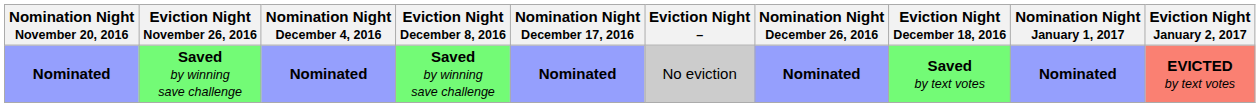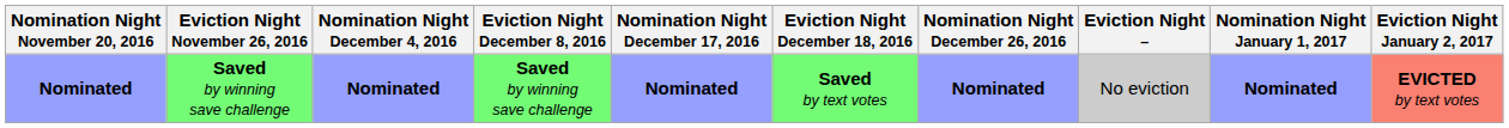 <table class="wikitable" style="text-align:center; font-size: 95%;" width="100%">
 <tr>
 <th scope="col" class="unsortable">Nomination Night<br><small>November 20, 2016</small></th>
 <th scope="col" class="unsortable">Eviction Night<br><small>November 26, 2016</small></th>
 <th scope="col" class="unsortable">Nomination Night<br><small>December 4, 2016</small></th>
 <th scope="col" class="unsortable">Eviction Night<br><small>December 8, 2016</small></th>
 <th scope="col" class="unsortable">Nomination Night<br><small>December 17, 2016</small></th>
+<th scope="col" class="unsortable">Eviction Night<br><small>December 18, 2016</small></th>
+<th scope="col" class="unsortable">Nomination Night<br><small>December 26, 2016</small></th>
 <th scope="col" class="unsortable">Eviction Night<br><small>–</small></th>
-<th scope="col" class="unsortable">Nomination Night<br><small>December 26, 2016</small></th>
-<th scope="col" class="unsortable">Eviction Night<br><small>December 18, 2016</small></th>
 <th scope="col" class="unsortable">Nomination Night<br><small>January 1, 2017</small></th>
 <th scope="col" class="unsortable">Eviction Night<br><small>January 2, 2017</small></th>
 </tr>
 <tr>
 <td style="background:#959FFD;"><strong>Nominated</strong></td>
 <td style="background:#73FB76"><strong>Saved</strong><br><small><em>by winning<br>save challenge</em></small></td>
 <td style="background:#959FFD;"><strong>Nominated</strong></td>
 <td style="background:#73FB76"><strong>Saved</strong><br><small><em>by winning<br>save  challenge</em></small></td>
 <td style="background:#959FFD;"><strong>Nominated</strong></td>
+<td style="background:#73FB76"><strong>Saved</strong><br><small><em>by text votes</em></small></td>
+<td style="background:#959FFD;"><strong>Nominated</strong></td>
 <td style="background:#CCC;">No eviction</td>
-<td style="background:#959FFD;"><strong>Nominated</strong></td>
-<td style="background:#73FB76"><strong>Saved</strong><br><small><em>by text votes</em></small></td>
 <td style="background:#959FFD;"><strong>Nominated</strong></td>
 <td style="background:#FA8072"><strong>EVICTED</strong><br><small><em>by text votes</em></small></td>
 </tr>
 </table>
